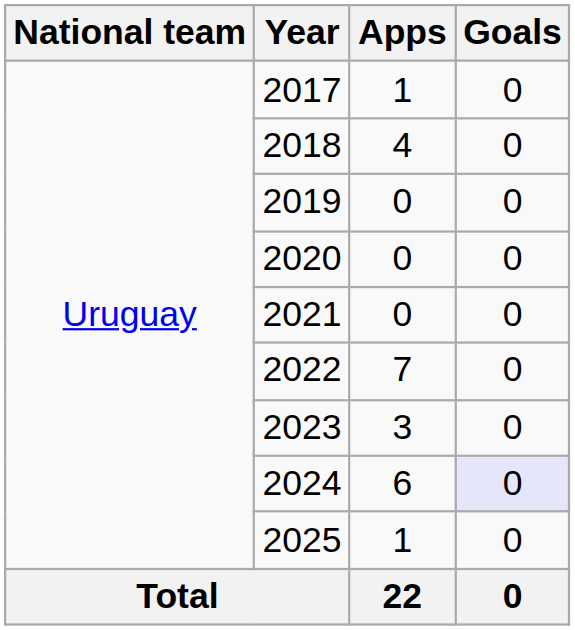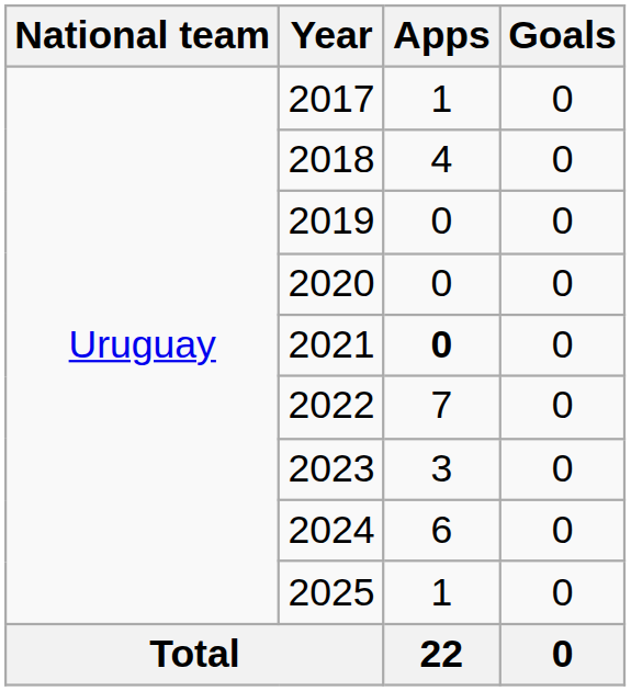 <table class="wikitable" style="text-align:center">
 <tr>
 <th>National team</th>
 <th>Year</th>
 <th>Apps</th>
 <th>Goals</th>
 </tr>
 <tr>
 <td rowspan="9"><a href='#'>Uruguay</a></td>
 <td>2017</td>
 <td>1</td>
 <td>0</td>
 </tr>
 <tr>
 <td>2018</td>
 <td>4</td>
 <td>0</td>
 </tr>
 <tr>
 <td>2019</td>
 <td>0</td>
 <td>0</td>
 </tr>
 <tr>
 <td>2020</td>
 <td>0</td>
 <td>0</td>
 </tr>
 <tr>
 <td>2021</td>
-<td>0</td>
+<td><strong>0</strong></td>
 <td>0</td>
 </tr>
 <tr>
 <td>2022</td>
 <td>7</td>
 <td>0</td>
 </tr>
 <tr>
 <td>2023</td>
 <td>3</td>
 <td>0</td>
 </tr>
 <tr>
 <td>2024</td>
 <td>6</td>
-<td style="background: lavender;">0</td>
+<td>0</td>
 </tr>
 <tr>
 <td>2025</td>
 <td>1</td>
 <td>0</td>
 </tr>
 <tr>
 <th colspan="2">Total</th>
 <th>22</th>
 <th>0</th>
 </tr>
 </table>
